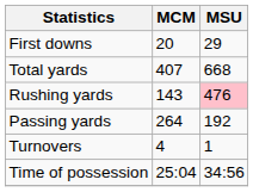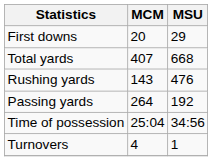 <table class="wikitable">
 <tr>
 <th>Statistics</th>
 <th>MCM</th>
 <th>MSU</th>
 </tr>
 <tr>
 <td>First downs</td>
 <td>20</td>
 <td>29</td>
 </tr>
 <tr>
 <td>Total yards</td>
 <td>407</td>
 <td>668</td>
 </tr>
 <tr>
 <td>Rushing yards</td>
 <td>143</td>
-<td style="background: pink;">476</td>
+<td>476</td>
 </tr>
 <tr>
 <td>Passing yards</td>
 <td>264</td>
 <td>192</td>
 </tr>
 <tr>
+<td>Time of possession</td>
+<td>25:04</td>
+<td>34:56</td>
+</tr>
+<tr>
 <td>Turnovers</td>
 <td>4</td>
 <td>1</td>
 </tr>
 <tr>
-<td>Time of possession</td>
-<td>25:04</td>
-<td>34:56</td>
-</tr>
-<tr>
 </tr>
 </table>
